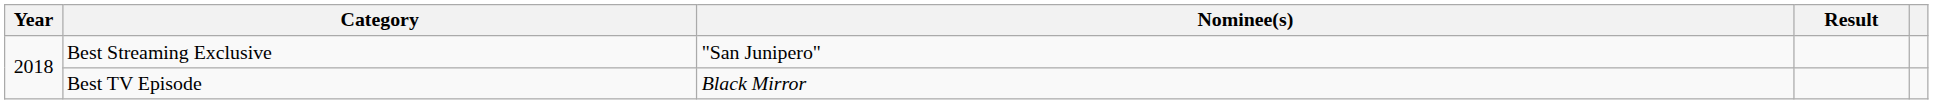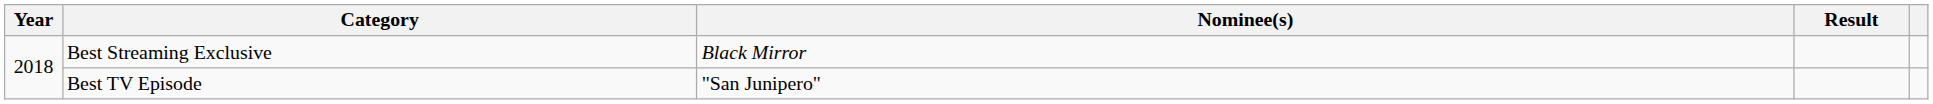 <table class="wikitable sortable" style="width:98%; summary:Black Mirror won one of two awards.">
 <tr>
 <th scope="col" style="width:3%;">Year</th>
 <th scope="col" style="width:33%;">Category</th>
 <th>Nominee(s)</th>
 <th scope="col" style="width:6%;">Result</th>
 <th scope="col" class="unsortable" style="width:1%;"></th>
 </tr>
 <tr>
 <td rowspan="2" style="text-align: center;">2018</td>
 <td>Best Streaming Exclusive</td>
-<td>"San Junipero"</td>
+<td><em>Black Mirror</em></td>
 <td></td>
 <td align="center"></td>
 </tr>
 <tr>
 <td>Best TV Episode</td>
-<td><em>Black Mirror</em></td>
+<td>"San Junipero"</td>
 <td></td>
 <td align="center"></td>
 </tr>
 </table>
